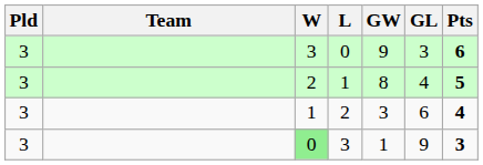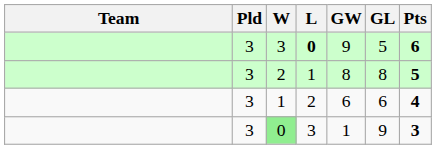 <table class="wikitable" style="text-align:center">
 <tr>
+<th width=200>Team</th>
 <th width=20>Pld</th>
-<th width=200>Team</th>
 <th width=20>W</th>
 <th width=20>L</th>
 <th width=20>GW</th>
 <th width=20>GL</th>
 <th width=20>Pts</th>
 </tr>
 <tr bgcolor="ccffcc">
-<td>3</td>
 <td style="text-align:left;"></td>
 <td>3</td>
-<td>0</td>
+<td>3</td>
+<td><strong>0</strong></td>
 <td>9</td>
-<td>3</td>
+<td>5</td>
 <td><strong>6</strong></td>
 </tr>
 <tr bgcolor="ccffcc">
+<td style="text-align:left;"></td>
 <td>3</td>
-<td style="text-align:left;"></td>
 <td>2</td>
 <td>1</td>
 <td>8</td>
-<td>4</td>
+<td>8</td>
 <td><strong>5</strong></td>
 </tr>
 <tr>
+<td style="text-align:left;"></td>
 <td>3</td>
-<td style="text-align:left;"></td>
 <td>1</td>
 <td>2</td>
-<td>3</td>
+<td>6</td>
 <td>6</td>
 <td><strong>4</strong></td>
 </tr>
 <tr>
+<td style="text-align:left;"></td>
 <td>3</td>
-<td style="text-align:left;"></td>
 <td style="background: lightgreen;">0</td>
 <td>3</td>
 <td>1</td>
 <td>9</td>
 <td><strong>3</strong></td>
 </tr>
 </table>
